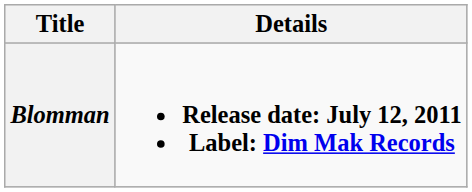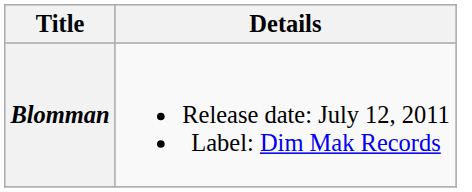 <table class="wikitable plainrowheaders" style="text-align:center;">
 <tr>
 <th scope="col">Title</th>
 <th scope="col">Details</th>
 </tr>
 <tr>
 <th scope="row"><em>Blomman</em></th>
-<td><strong><br><ul><li>Release date: July 12, 2011</li><li>Label: <a href='#'>Dim Mak Records</a></li></ul></strong></td>
+<td><br><ul><li>Release date: July 12, 2011</li><li>Label: <a href='#'>Dim Mak Records</a></li></ul></td>
 </tr>
 </table>
